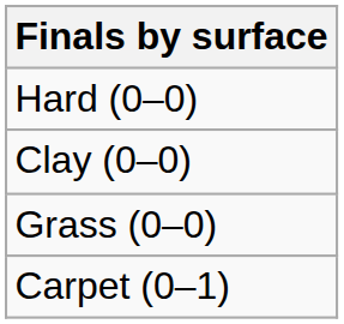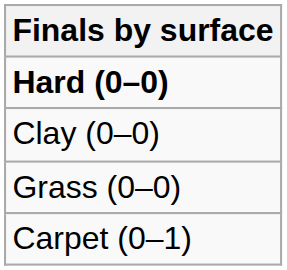 <table class=wikitable style=font-size:97%>
 <tr>
 <th>Finals by surface</th>
 </tr>
 <tr>
-<td>Hard (0–0)</td>
+<td><strong>Hard (0–0)</strong></td>
 </tr>
 <tr>
 <td>Clay (0–0)</td>
 </tr>
 <tr>
 <td>Grass (0–0)</td>
 </tr>
 <tr>
 <td>Carpet (0–1)</td>
 </tr>
 </table>
